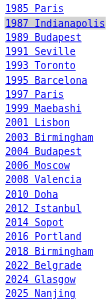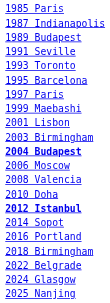 <table>
 <tr>
 <td><a href='#'>1985 Paris</a><br></td>
 <td></td>
 <td></td>
 <td></td>
 </tr>
 <tr>
-<td style="background: lightgrey;"><a href='#'>1987 Indianapolis</a><br></td>
+<td><a href='#'>1987 Indianapolis</a><br></td>
 <td></td>
 <td></td>
 <td></td>
 </tr>
 <tr>
 <td><a href='#'>1989 Budapest</a><br></td>
 <td></td>
 <td></td>
 <td></td>
 </tr>
 <tr>
 <td><a href='#'>1991 Seville</a><br></td>
 <td></td>
 <td></td>
 <td></td>
 </tr>
 <tr>
 <td><a href='#'>1993 Toronto</a><br></td>
 <td></td>
 <td></td>
 <td></td>
 </tr>
 <tr>
 <td><a href='#'>1995 Barcelona</a><br></td>
 <td></td>
 <td></td>
 <td></td>
 </tr>
 <tr>
 <td><a href='#'>1997 Paris</a><br></td>
 <td></td>
 <td></td>
 <td></td>
 </tr>
 <tr>
 <td><a href='#'>1999 Maebashi</a><br></td>
 <td></td>
 <td></td>
 <td></td>
 </tr>
 <tr>
 <td><a href='#'>2001 Lisbon</a><br></td>
 <td></td>
 <td></td>
 <td></td>
 </tr>
 <tr>
 <td><a href='#'>2003 Birmingham</a><br></td>
 <td></td>
 <td></td>
 <td></td>
 </tr>
 <tr>
-<td><a href='#'>2004 Budapest</a><br></td>
+<td><strong><a href='#'>2004 Budapest</a><br></strong></td>
 <td></td>
 <td></td>
 <td></td>
 </tr>
 <tr>
 <td><a href='#'>2006 Moscow</a><br></td>
 <td></td>
 <td></td>
 <td></td>
 </tr>
 <tr>
 <td><a href='#'>2008 Valencia</a><br></td>
 <td></td>
 <td></td>
 <td></td>
 </tr>
 <tr>
 <td><a href='#'>2010 Doha</a><br></td>
 <td></td>
 <td></td>
 <td></td>
 </tr>
 <tr>
-<td><a href='#'>2012 Istanbul</a><br></td>
+<td><strong><a href='#'>2012 Istanbul</a><br></strong></td>
 <td></td>
 <td></td>
 <td></td>
 </tr>
 <tr>
 <td><a href='#'>2014 Sopot</a><br></td>
 <td></td>
 <td></td>
 <td></td>
 </tr>
 <tr>
 <td><a href='#'>2016 Portland</a><br></td>
 <td></td>
 <td></td>
 <td></td>
 </tr>
 <tr>
 <td><a href='#'>2018 Birmingham</a><br></td>
 <td></td>
 <td></td>
 <td></td>
 </tr>
 <tr>
 <td><a href='#'>2022 Belgrade</a><br></td>
 <td></td>
 <td></td>
 <td></td>
 </tr>
 <tr>
 <td><a href='#'>2024 Glasgow</a><br></td>
 <td></td>
 <td></td>
 <td></td>
 </tr>
 <tr>
 <td><a href='#'>2025 Nanjing</a><br></td>
 <td></td>
 <td></td>
 <td></td>
 </tr>
 </table>
